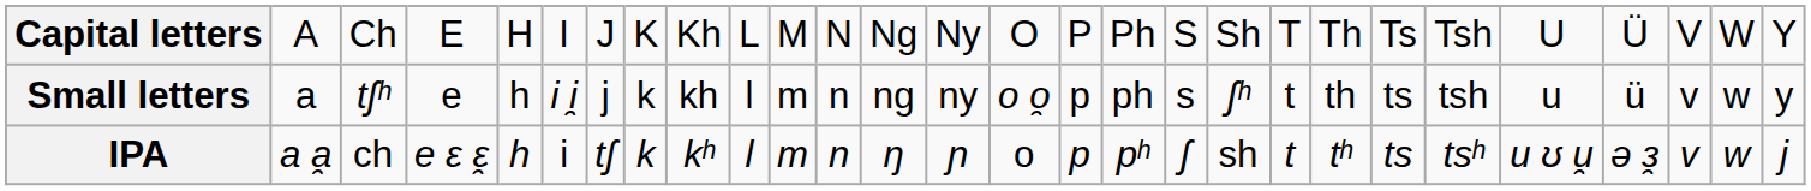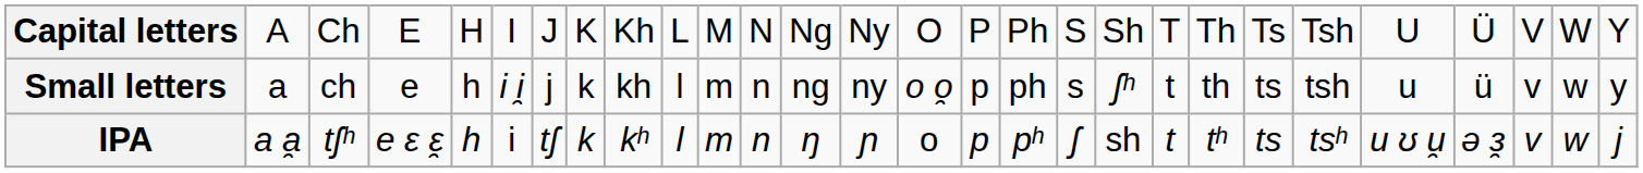 <table class= "wikitable" style ="text-align: center;">
 <tr>
 <th><strong>Capital letters</strong></th>
 <td style="border-right: 0;“">A</td>
 <td style="border-right: 0;“">Ch</td>
 <td style="border-right: 0;“">E</td>
 <td style="border-right: 0;“">H</td>
 <td style="border-right: 0;“">I</td>
 <td style="border-right: 0;“">J</td>
 <td style="border-right: 0;“">K</td>
 <td style="border-right: 0;“">Kh</td>
 <td style="border-right: 0;“">L</td>
 <td style="border-right: 0;“">M</td>
 <td style="border-right: 0;“">N</td>
 <td style="border-right: 0;“">Ng</td>
 <td style="border-right: 0;“">Ny</td>
 <td style="border-right: 0;“">O</td>
 <td style="border-right: 0;“">P</td>
 <td style="border-right: 0;“">Ph</td>
 <td style="border-right: 0;“">S</td>
 <td style="border-right: 0;“">Sh</td>
 <td style="border-right: 0;“">T</td>
 <td style="border-right: 0;“">Th</td>
 <td style="border-right: 0;“">Ts</td>
 <td style="border-right: 0;“">Tsh</td>
 <td style="border-right: 0;“">U</td>
 <td style="border-right: 0;“">Ü</td>
 <td style="border-right: 0;“">V</td>
 <td style="border-right: 0;“">W</td>
 <td style="border-right: 0;“">Y</td>
 </tr>
 <tr>
 <th><strong>Small letters</strong></th>
 <td>a</td>
-<td><em>tʃʰ</em></td>
+<td>ch</td>
 <td>e</td>
 <td>h</td>
 <td><em>i</em> <em>i̯</em></td>
 <td>j</td>
 <td>k</td>
 <td>kh</td>
 <td>l</td>
 <td>m</td>
 <td>n</td>
 <td>ng</td>
 <td>ny</td>
 <td><em>o</em> <em>o̯</em></td>
 <td>p</td>
 <td>ph</td>
 <td>s</td>
 <td><em>ʃʰ</em></td>
 <td>t</td>
 <td>th</td>
 <td>ts</td>
 <td>tsh</td>
 <td>u</td>
 <td>ü</td>
 <td>v</td>
 <td>w</td>
 <td>y</td>
 </tr>
 <tr>
 <th><strong>IPA</strong></th>
 <td><em>a</em> <em>a̯</em></td>
-<td>ch</td>
+<td><em>tʃʰ</em></td>
 <td><em>e</em> <em>ɛ</em> <em>ɛ̯</em></td>
 <td><em>h</em></td>
 <td>i</td>
 <td><em>tʃ</em></td>
 <td><em>k</em></td>
 <td><em>kʰ</em></td>
 <td><em>l</em></td>
 <td><em>m</em></td>
 <td><em>n</em></td>
 <td><em>ŋ</em></td>
 <td><em>ɲ</em></td>
 <td>o</td>
 <td><em>p</em></td>
 <td><em>pʰ</em></td>
 <td><em>ʃ</em></td>
 <td>sh</td>
 <td><em>t</em></td>
 <td><em>tʰ</em></td>
 <td><em>ts</em></td>
 <td><em>tsʰ</em></td>
 <td><em>u</em> <em>ʊ</em> <em>u̯</em></td>
 <td><em>ə</em> <em>ɜ̯</em></td>
 <td><em>v</em></td>
 <td><em>w</em></td>
 <td><em>j</em></td>
 </tr>
 </table>
